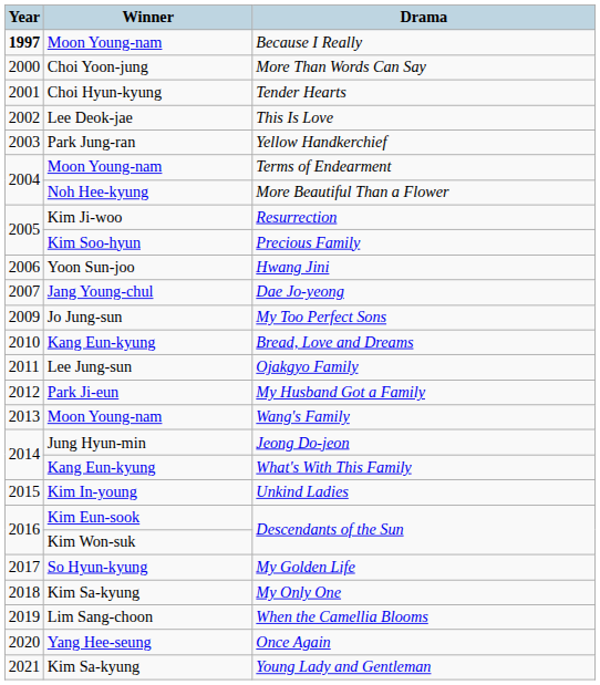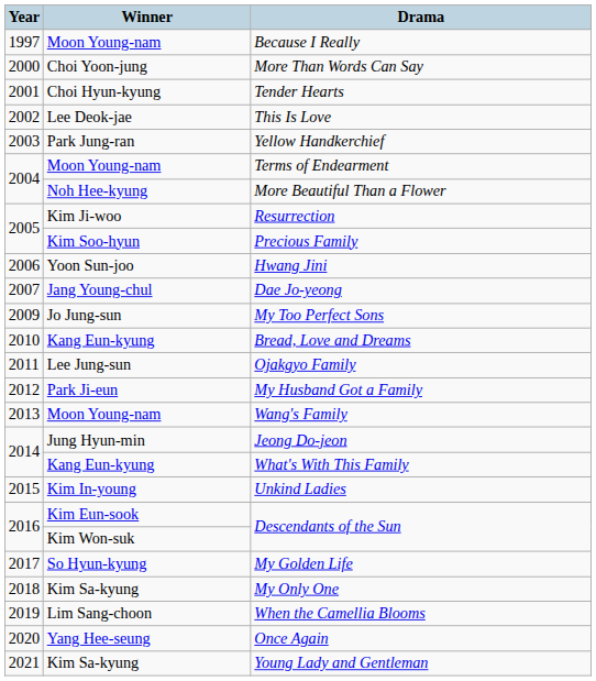 <table class="wikitable" style="width:600px">
 <tr>
 <th style="background:#BED5E1;" width="30">Year</th>
 <th style="background:#BED5E1;">Winner</th>
 <th style="background:#BED5E1;">Drama</th>
 </tr>
 <tr>
-<td><strong>1997</strong></td>
+<td>1997</td>
 <td><a href='#'>Moon Young-nam</a></td>
 <td><em>Because I Really</em></td>
 </tr>
 <tr>
 <td>2000</td>
 <td>Choi Yoon-jung</td>
 <td><em>More Than Words Can Say</em></td>
 </tr>
 <tr>
 <td>2001</td>
 <td>Choi Hyun-kyung</td>
 <td><em>Tender Hearts</em></td>
 </tr>
 <tr>
 <td>2002</td>
 <td>Lee Deok-jae</td>
 <td><em>This Is Love</em></td>
 </tr>
 <tr>
 <td>2003</td>
 <td>Park Jung-ran</td>
 <td><em>Yellow Handkerchief</em></td>
 </tr>
 <tr>
 <td rowspan="2">2004</td>
 <td><a href='#'>Moon Young-nam</a></td>
 <td><em>Terms of Endearment</em></td>
 </tr>
 <tr>
 <td><a href='#'>Noh Hee-kyung</a></td>
 <td><em>More Beautiful Than a Flower</em></td>
 </tr>
 <tr>
 <td rowspan="2">2005</td>
 <td>Kim Ji-woo</td>
 <td><em><a href='#'>Resurrection</a></em></td>
 </tr>
 <tr>
 <td><a href='#'>Kim Soo-hyun</a></td>
 <td><em><a href='#'>Precious Family</a></em></td>
 </tr>
 <tr>
 <td>2006</td>
 <td>Yoon Sun-joo</td>
 <td><em><a href='#'>Hwang Jini</a></em></td>
 </tr>
 <tr>
 <td>2007</td>
 <td><a href='#'>Jang Young-chul</a></td>
 <td><em><a href='#'>Dae Jo-yeong</a></em></td>
 </tr>
 <tr>
 <td>2009</td>
 <td>Jo Jung-sun</td>
 <td><em><a href='#'>My Too Perfect Sons</a></em></td>
 </tr>
 <tr>
 <td>2010</td>
 <td><a href='#'>Kang Eun-kyung</a></td>
 <td><em><a href='#'>Bread, Love and Dreams</a></em></td>
 </tr>
 <tr>
 <td>2011</td>
 <td>Lee Jung-sun</td>
 <td><em><a href='#'>Ojakgyo Family</a></em></td>
 </tr>
 <tr>
 <td>2012</td>
 <td><a href='#'>Park Ji-eun</a></td>
 <td><em><a href='#'>My Husband Got a Family</a></em></td>
 </tr>
 <tr>
 <td>2013</td>
 <td><a href='#'>Moon Young-nam</a></td>
 <td><em><a href='#'>Wang's Family</a></em></td>
 </tr>
 <tr>
 <td rowspan="2">2014</td>
 <td>Jung Hyun-min</td>
 <td><em><a href='#'>Jeong Do-jeon</a></em></td>
 </tr>
 <tr>
 <td><a href='#'>Kang Eun-kyung</a></td>
 <td><em><a href='#'>What's With This Family</a></em></td>
 </tr>
 <tr>
 <td>2015</td>
 <td><a href='#'>Kim In-young</a></td>
 <td><em><a href='#'>Unkind Ladies</a></em></td>
 </tr>
 <tr>
 <td rowspan="2">2016</td>
 <td><a href='#'>Kim Eun-sook</a></td>
 <td rowspan="2"><em><a href='#'>Descendants of the Sun</a></em></td>
 </tr>
 <tr>
 <td>Kim Won-suk</td>
 </tr>
 <tr>
 <td>2017</td>
 <td><a href='#'>So Hyun-kyung</a></td>
 <td><em><a href='#'>My Golden Life</a></em></td>
 </tr>
 <tr>
 <td>2018</td>
 <td>Kim Sa-kyung</td>
 <td><em><a href='#'>My Only One</a></em></td>
 </tr>
 <tr>
 <td>2019</td>
 <td>Lim Sang-choon</td>
 <td><em><a href='#'>When the Camellia Blooms</a></em></td>
 </tr>
 <tr>
 <td>2020</td>
 <td><a href='#'>Yang Hee-seung</a></td>
 <td><em><a href='#'>Once Again</a></em></td>
 </tr>
 <tr>
 <td>2021</td>
 <td>Kim Sa-kyung</td>
 <td><em><a href='#'>Young Lady and Gentleman</a></em></td>
 </tr>
 </table>
